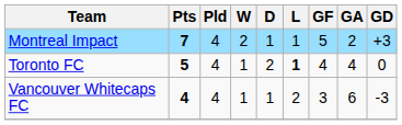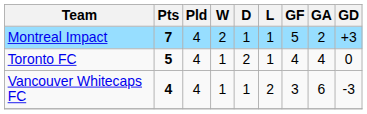 <table class="wikitable" style="text-align: center;">
 <tr>
 <th width="165">Team</th>
 <th width="20">Pts</th>
 <th width="20">Pld</th>
 <th width="20">W</th>
 <th width="20">D</th>
 <th width="20">L</th>
 <th width="20">GF</th>
 <th width="20">GA</th>
 <th width="20">GD</th>
 </tr>
 <tr style="background:#97DEFF;">
 <td style="text-align:left;"><a href='#'>Montreal Impact</a></td>
 <td><strong>7</strong></td>
 <td>4</td>
 <td>2</td>
 <td>1</td>
 <td>1</td>
 <td>5</td>
 <td>2</td>
 <td>+3</td>
 </tr>
 <tr style=>
 <td style="text-align:left;"><a href='#'>Toronto FC</a></td>
 <td><strong>5</strong></td>
 <td>4</td>
 <td>1</td>
 <td>2</td>
-<td><strong>1</strong></td>
+<td>1</td>
 <td>4</td>
 <td>4</td>
 <td>0</td>
 </tr>
 <tr style=>
 <td style="text-align:left;"><a href='#'>Vancouver Whitecaps FC</a></td>
 <td><strong>4</strong></td>
 <td>4</td>
 <td>1</td>
 <td>1</td>
 <td>2</td>
 <td>3</td>
 <td>6</td>
 <td>-3</td>
 </tr>
 <tr>
 </tr>
 </table>
